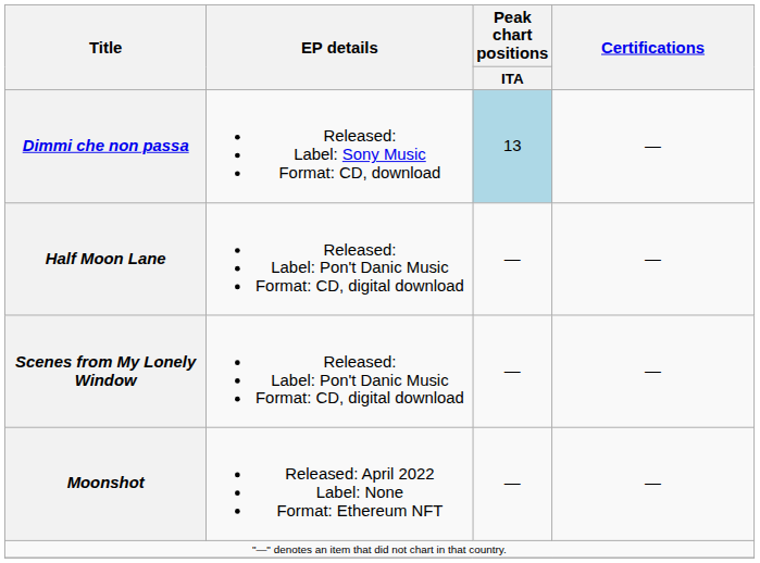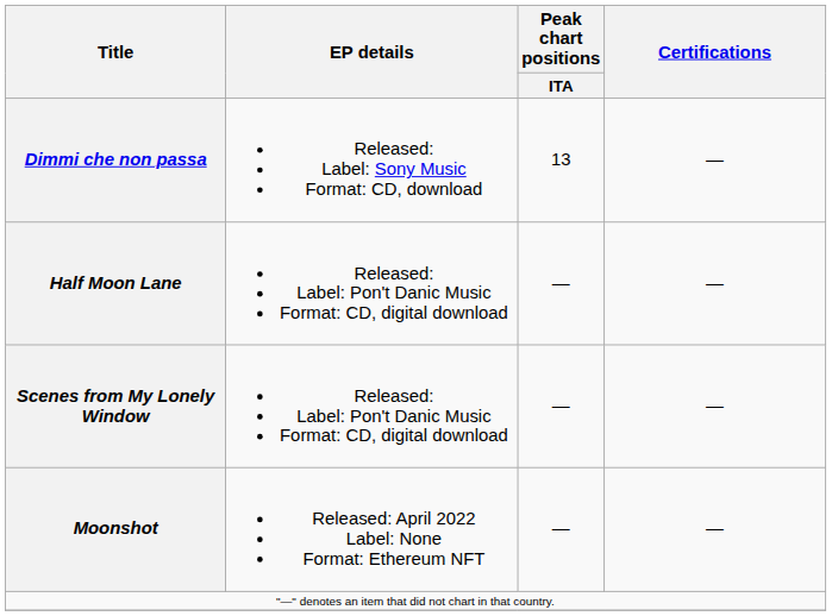 <table class="wikitable plainrowheaders" style="text-align:center;">
 <tr>
 <th scope="col" rowspan="2" style="width:12em;">Title</th>
 <th scope="col" rowspan="2" style="width:16em;">EP details</th>
 <th scope="col">Peak chart positions</th>
 <th scope="col" rowspan="2" style="width:12em;"><a href='#'>Certifications</a></th>
 </tr>
 <tr>
 <th scope="col" style="width:3em;font-size:90%;">ITA<br></th>
 </tr>
 <tr>
 <th scope="row"><em><a href='#'>Dimmi che non passa</a></em></th>
 <td><br><ul><li>Released: </li><li>Label: <a href='#'>Sony Music</a></li><li>Format: CD, download</li></ul></td>
-<td style="background: lightblue;">13</td>
+<td>13</td>
 <td>—</td>
 </tr>
 <tr>
 <th scope="row"><em>Half Moon Lane</em></th>
 <td><br><ul><li>Released: </li><li>Label: Pon't Danic Music</li><li>Format: CD, digital download</li></ul></td>
 <td>—</td>
 <td>—</td>
 </tr>
 <tr>
 <th scope="row"><em>Scenes from My Lonely Window</em></th>
 <td><br><ul><li>Released: </li><li>Label: Pon't Danic Music</li><li>Format: CD, digital download</li></ul></td>
 <td>—</td>
 <td>—</td>
 </tr>
 <tr>
 <th scope="row"><em>Moonshot</em></th>
 <td><br><ul><li>Released: April 2022</li><li>Label: None</li><li>Format: Ethereum NFT</li></ul></td>
 <td>—</td>
 <td>—</td>
 </tr>
 <tr>
 <td colspan="5" style="text-align:center; font-size:8pt;">"—" denotes an item that did not chart in that country.</td>
 </tr>
 <tr>
 </tr>
 </table>
